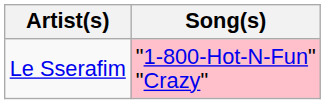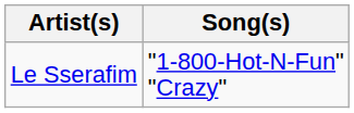 <table class="wikitable">
 <tr>
 <th scope="col">Artist(s)</th>
 <th scope="col">Song(s)</th>
 </tr>
 <tr>
 <td><a href='#'>Le Sserafim</a></td>
-<td style="background: pink;">"<a href='#'>1-800-Hot-N-Fun</a>"<br>"<a href='#'>Crazy</a>"</td>
+<td>"<a href='#'>1-800-Hot-N-Fun</a>"<br>"<a href='#'>Crazy</a>"</td>
 </tr>
 </table>
